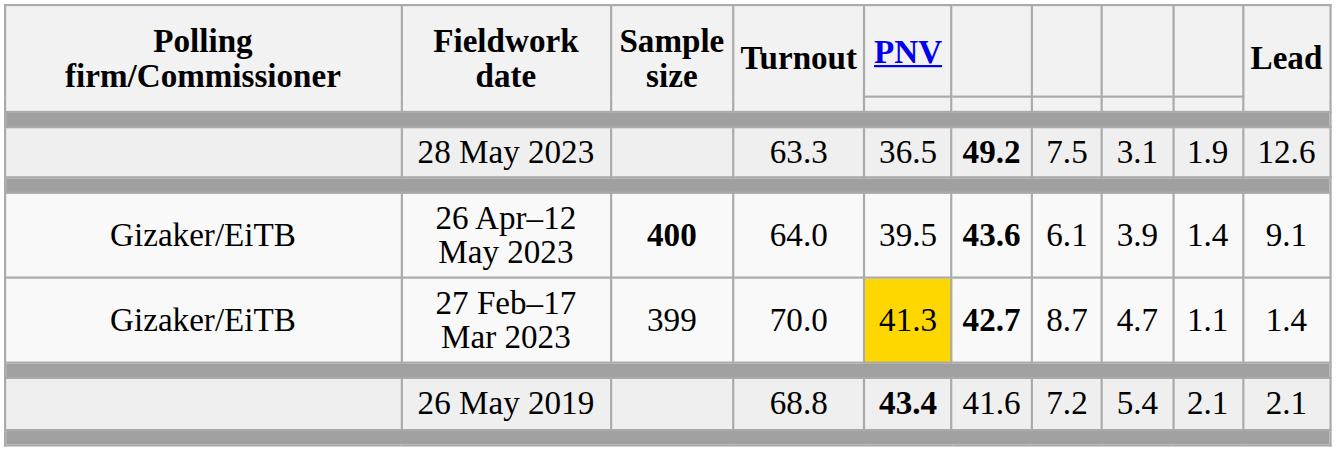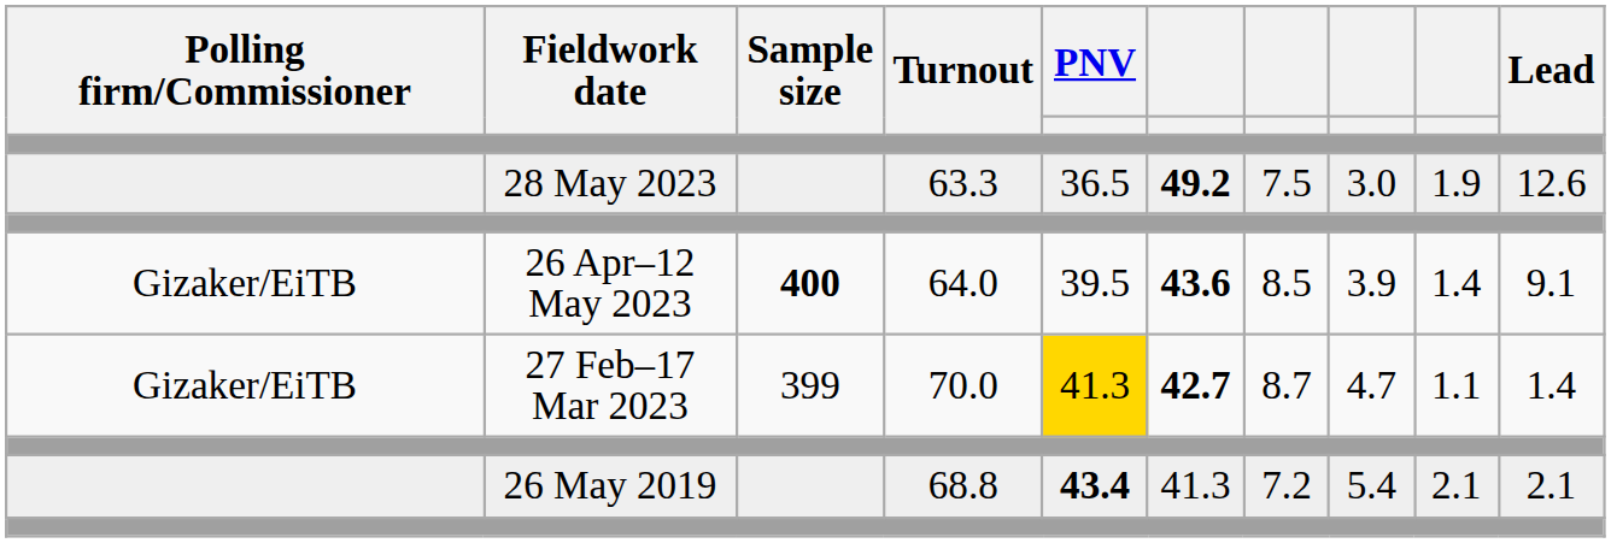 <table class="wikitable collapsible collapsed" style="text-align:center; font-size:95%; line-height:16px;">
 <tr style="height:42px;">
 <th style="width:250px;" rowspan="2">Polling firm/Commissioner</th>
 <th style="width:125px;" rowspan="2">Fieldwork date</th>
 <th style="width:50px;" rowspan="2">Sample size</th>
 <th style="width:45px;" rowspan="2">Turnout</th>
 <th style="width:35px;"><a href='#'>PNV</a></th>
 <th style="width:35px;"></th>
 <th style="width:35px;"></th>
 <th style="width:35px;"></th>
 <th style="width:35px;"></th>
 <th style="width:30px;" rowspan="2">Lead</th>
 </tr>
 <tr>
 <th style="color:inherit;background:"></th>
 <th style="color:inherit;background:"></th>
 <th style="color:inherit;background:"></th>
 <th style="color:inherit;background:"></th>
 <th style="color:inherit;background:"></th>
 </tr>
 <tr>
 <td colspan="10" style="background:#A0A0A0"></td>
 </tr>
 <tr style="background:#EFEFEF;">
 <td><strong></strong></td>
 <td>28 May 2023</td>
 <td></td>
 <td>63.3</td>
 <td>36.5<br></td>
 <td><strong>49.2</strong><br></td>
 <td>7.5<br></td>
-<td>3.1<br></td>
+<td>3.0<br></td>
 <td>1.9<br></td>
 <td style="background:">12.6</td>
 </tr>
 <tr>
 <td colspan="10" style="background:#A0A0A0"></td>
 </tr>
 <tr>
 <td>Gizaker/EiTB</td>
 <td>26 Apr–12 May 2023</td>
 <td><strong>400</strong></td>
 <td>64.0</td>
 <td>39.5<br></td>
 <td><strong>43.6</strong><br></td>
-<td>6.1<br></td>
+<td>8.5<br></td>
 <td>3.9<br></td>
 <td>1.4<br></td>
 <td style="background:">9.1</td>
 </tr>
 <tr>
 <td>Gizaker/EiTB</td>
 <td>27 Feb–17 Mar 2023</td>
 <td>399</td>
 <td>70.0</td>
 <td style="background: gold;">41.3<br></td>
 <td><strong>42.7</strong><br></td>
 <td>8.7<br></td>
 <td>4.7<br></td>
 <td>1.1<br></td>
 <td style="background:">1.4</td>
 </tr>
 <tr>
 <td colspan="10" style="background:#A0A0A0"></td>
 </tr>
 <tr style="background:#EFEFEF;">
 <td><strong></strong></td>
 <td>26 May 2019</td>
 <td></td>
 <td>68.8</td>
 <td><strong>43.4</strong><br></td>
-<td>41.6<br></td>
+<td>41.3<br></td>
 <td>7.2<br></td>
 <td>5.4<br></td>
 <td>2.1<br></td>
 <td style="background:">2.1</td>
 </tr>
 <tr>
 <td colspan="10" style="background:#A0A0A0"></td>
 </tr>
 </table>
